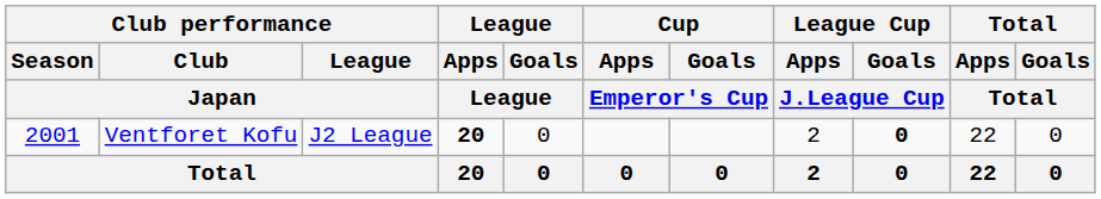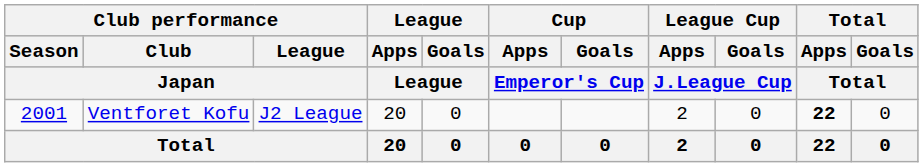 <table class="wikitable" style="text-align:center;">
 <tr>
 <th colspan=3>Club performance</th>
 <th colspan=2>League</th>
 <th colspan=2>Cup</th>
 <th colspan=2>League Cup</th>
 <th colspan=2>Total</th>
 </tr>
 <tr>
 <th>Season</th>
 <th>Club</th>
 <th>League</th>
 <th>Apps</th>
 <th>Goals</th>
 <th>Apps</th>
 <th>Goals</th>
 <th>Apps</th>
 <th>Goals</th>
 <th>Apps</th>
 <th>Goals</th>
 </tr>
 <tr>
 <th colspan=3>Japan</th>
 <th colspan=2>League</th>
 <th colspan=2><a href='#'>Emperor's Cup</a></th>
 <th colspan=2><a href='#'>J.League Cup</a></th>
 <th colspan=2>Total</th>
 </tr>
 <tr>
 <td><a href='#'>2001</a></td>
 <td><a href='#'>Ventforet Kofu</a></td>
 <td><a href='#'>J2 League</a></td>
-<td><strong>20</strong></td>
+<td>20</td>
 <td>0</td>
 <td></td>
 <td></td>
 <td>2</td>
-<td><strong>0</strong></td>
-<td>22</td>
+<td>0</td>
+<td><strong>22</strong></td>
 <td>0</td>
 </tr>
 <tr>
 <th colspan=3>Total</th>
 <th>20</th>
 <th>0</th>
 <th>0</th>
 <th>0</th>
 <th>2</th>
 <th>0</th>
 <th>22</th>
 <th>0</th>
 </tr>
 </table>
